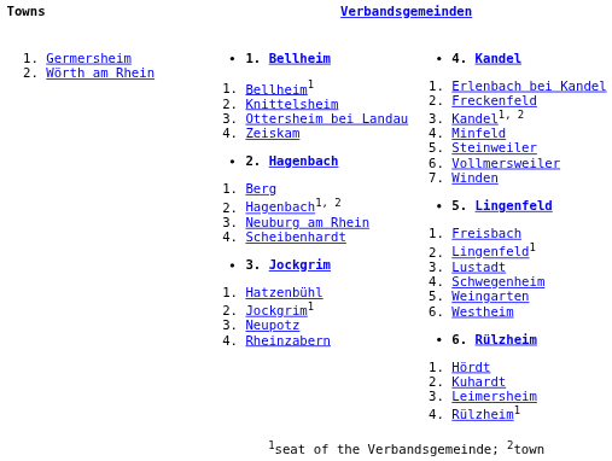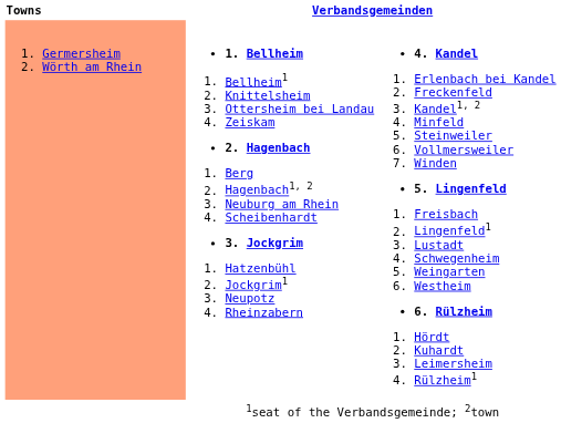 <table>
 <tr>
 <th align=left width=33%>Towns</th>
 <th colspan=2 align=center width=67%><a href='#'>Verbandsgemeinden</a></th>
 </tr>
 <tr valign=top>
-<td><br><ol><li><a href='#'>Germersheim</a></li><li><a href='#'>Wörth am Rhein</a></li></ol></td>
+<td style="background: lightsalmon;"><br><ol><li><a href='#'>Germersheim</a></li><li><a href='#'>Wörth am Rhein</a></li></ol></td>
 <td><br><ul><li><strong>1. <a href='#'>Bellheim</a></strong></li></ul><ol><li><a href='#'>Bellheim</a><sup>1</sup></li><li><a href='#'>Knittelsheim</a></li><li><a href='#'>Ottersheim bei Landau</a></li><li><a href='#'>Zeiskam</a></li></ol><ul><li><strong>2. <a href='#'>Hagenbach</a></strong></li></ul><ol><li><a href='#'>Berg</a></li><li><a href='#'>Hagenbach</a><sup>1, 2</sup></li><li><a href='#'>Neuburg am Rhein</a></li><li><a href='#'>Scheibenhardt</a></li></ol><ul><li><strong>3. <a href='#'>Jockgrim</a></strong></li></ul><ol><li><a href='#'>Hatzenbühl</a></li><li><a href='#'>Jockgrim</a><sup>1</sup></li><li><a href='#'>Neupotz</a></li><li><a href='#'>Rheinzabern</a></li></ol></td>
 <td><br><ul><li><strong>4. <a href='#'>Kandel</a></strong></li></ul><ol><li><a href='#'>Erlenbach bei Kandel</a></li><li><a href='#'>Freckenfeld</a></li><li><a href='#'>Kandel</a><sup>1, 2</sup></li><li><a href='#'>Minfeld</a></li><li><a href='#'>Steinweiler</a></li><li><a href='#'>Vollmersweiler</a></li><li><a href='#'>Winden</a></li></ol><ul><li><strong>5. <a href='#'>Lingenfeld</a></strong></li></ul><ol><li><a href='#'>Freisbach</a></li><li><a href='#'>Lingenfeld</a><sup>1</sup></li><li><a href='#'>Lustadt</a></li><li><a href='#'>Schwegenheim</a></li><li><a href='#'>Weingarten</a></li><li><a href='#'>Westheim</a></li></ol><ul><li><strong>6. <a href='#'>Rülzheim</a></strong></li></ul><ol><li><a href='#'>Hördt</a></li><li><a href='#'>Kuhardt</a></li><li><a href='#'>Leimersheim</a></li><li><a href='#'>Rülzheim</a><sup>1</sup></li></ol></td>
 </tr>
 <tr>
 <td></td>
 <td colspan=2 align=center><sup>1</sup>seat of the Verbandsgemeinde; <sup>2</sup>town</td>
 </tr>
 </table>
